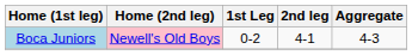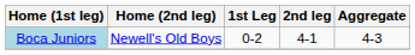 <table class="wikitable" style="text-align: center;">
 <tr>
 <th>Home (1st leg)</th>
 <th>Home (2nd leg)</th>
 <th>1st Leg</th>
 <th>2nd leg</th>
 <th>Aggregate</th>
 </tr>
 <tr>
 <td bgcolor=lightblue><a href='#'>Boca Juniors</a></td>
-<td style="background: pink;"><a href='#'>Newell's Old Boys</a></td>
+<td><a href='#'>Newell's Old Boys</a></td>
 <td>0-2</td>
 <td>4-1</td>
 <td>4-3</td>
 </tr>
 <tr>
 </tr>
 </table>
